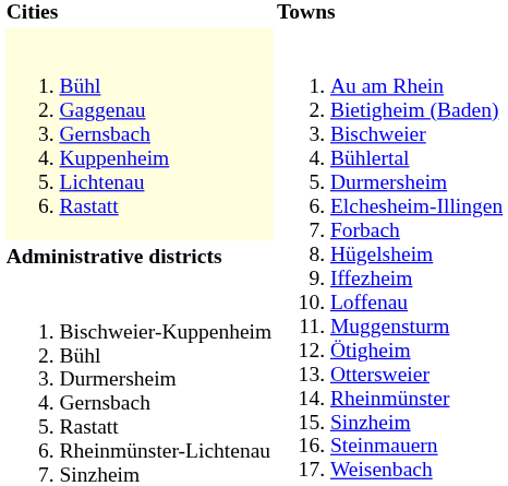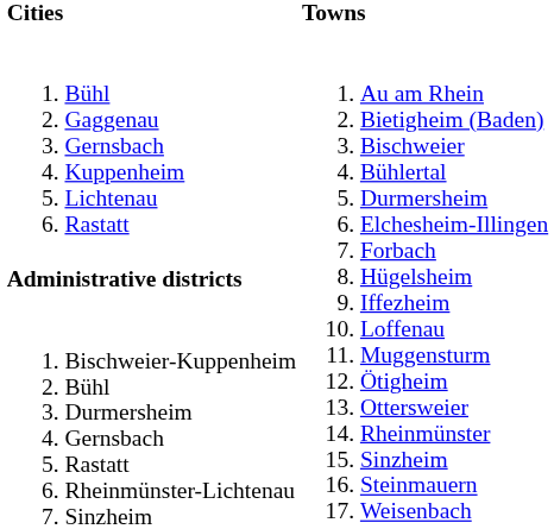 <table>
 <tr>
 <th width=50% align=left>Cities</th>
 <th width=50% align=left>Towns</th>
 </tr>
 <tr valign=top>
-<td style="background: lightyellow;"><br><ol><li><a href='#'>Bühl</a></li><li><a href='#'>Gaggenau</a></li><li><a href='#'>Gernsbach</a></li><li><a href='#'>Kuppenheim</a></li><li><a href='#'>Lichtenau</a></li><li><a href='#'>Rastatt</a></li></ol></td>
+<td><br><ol><li><a href='#'>Bühl</a></li><li><a href='#'>Gaggenau</a></li><li><a href='#'>Gernsbach</a></li><li><a href='#'>Kuppenheim</a></li><li><a href='#'>Lichtenau</a></li><li><a href='#'>Rastatt</a></li></ol></td>
 <td rowspan=3><br><ol><li><a href='#'>Au am Rhein</a></li><li><a href='#'>Bietigheim (Baden)</a></li><li><a href='#'>Bischweier</a></li><li><a href='#'>Bühlertal</a></li><li><a href='#'>Durmersheim</a></li><li><a href='#'>Elchesheim-Illingen</a></li><li><a href='#'>Forbach</a></li><li><a href='#'>Hügelsheim</a></li><li><a href='#'>Iffezheim</a></li><li><a href='#'>Loffenau</a></li><li><a href='#'>Muggensturm</a></li><li><a href='#'>Ötigheim</a></li><li><a href='#'>Ottersweier</a></li><li><a href='#'>Rheinmünster</a></li><li><a href='#'>Sinzheim</a></li><li><a href='#'>Steinmauern</a></li><li><a href='#'>Weisenbach</a></li></ol></td>
 </tr>
 <tr>
 <th align=left>Administrative districts</th>
 </tr>
 <tr>
 <td><br><ol><li>Bischweier-Kuppenheim</li><li>Bühl</li><li>Durmersheim</li><li>Gernsbach</li><li>Rastatt</li><li>Rheinmünster-Lichtenau</li><li>Sinzheim</li></ol></td>
 </tr>
 </table>
